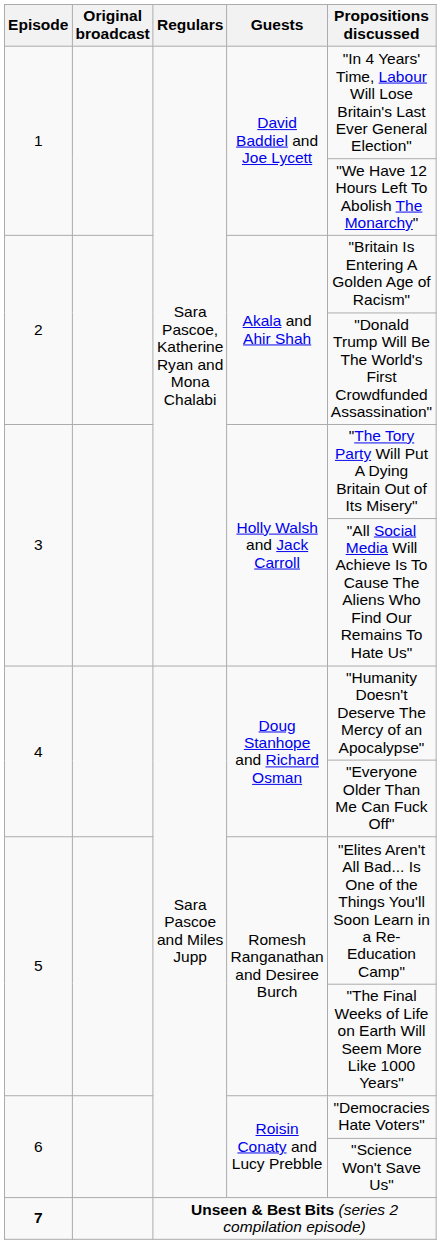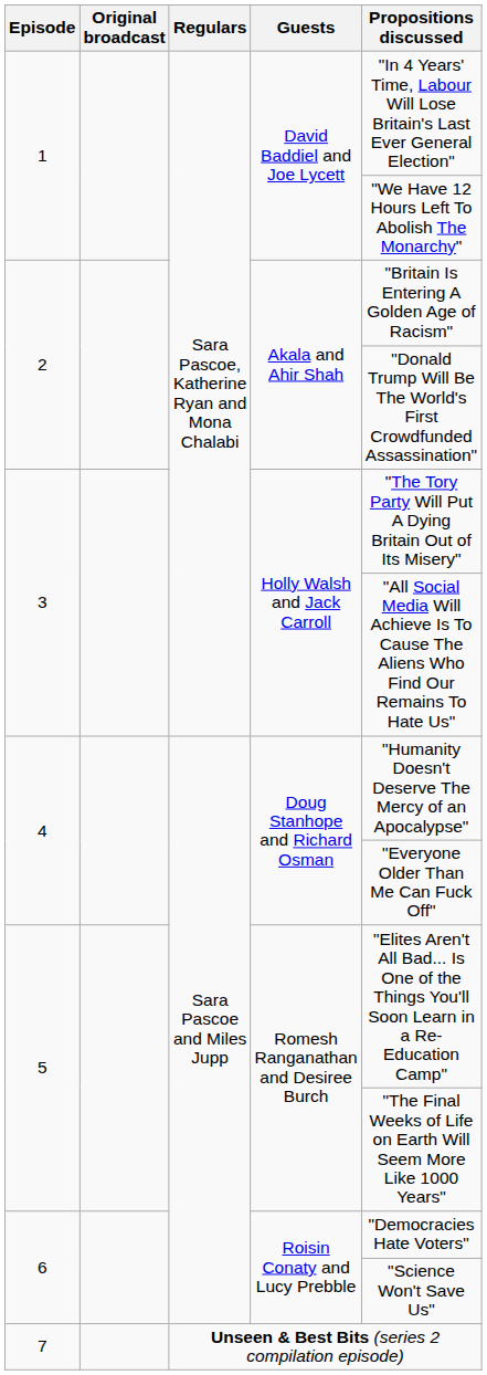 <table class="wikitable" style="text-align:center; width:70%;">
 <tr>
 <th>Episode</th>
 <th>Original broadcast</th>
 <th>Regulars</th>
 <th>Guests</th>
 <th>Propositions discussed</th>
 </tr>
 <tr>
 <td rowspan="2">1</td>
 <td rowspan="2"></td>
 <td rowspan="6">Sara Pascoe, Katherine Ryan and Mona Chalabi</td>
 <td rowspan="2"><a href='#'>David Baddiel</a> and <a href='#'>Joe Lycett</a></td>
 <td>"In 4 Years' Time, <a href='#'>Labour</a> Will Lose Britain's Last Ever General Election"</td>
 </tr>
 <tr>
 <td>"We Have 12 Hours Left To Abolish <a href='#'>The Monarchy</a>"</td>
 </tr>
 <tr>
 <td rowspan="2">2</td>
 <td rowspan="2"></td>
 <td rowspan="2"><a href='#'>Akala</a> and <a href='#'>Ahir Shah</a></td>
 <td>"Britain Is Entering A Golden Age of Racism"</td>
 </tr>
 <tr>
 <td>"Donald Trump Will Be The World's First Crowdfunded Assassination"</td>
 </tr>
 <tr>
 <td rowspan="2">3</td>
 <td rowspan="2"></td>
 <td rowspan="2"><a href='#'>Holly Walsh</a> and <a href='#'>Jack Carroll</a></td>
 <td>"<a href='#'>The Tory Party</a> Will Put A Dying Britain Out of Its Misery"</td>
 </tr>
 <tr>
 <td>"All <a href='#'>Social Media</a> Will Achieve Is To Cause The Aliens Who Find Our Remains To Hate Us"</td>
 </tr>
 <tr>
 <td rowspan="2">4</td>
 <td rowspan="2"></td>
 <td rowspan="6">Sara Pascoe and Miles Jupp</td>
 <td rowspan="2"><a href='#'>Doug Stanhope</a> and <a href='#'>Richard Osman</a></td>
 <td>"Humanity Doesn't Deserve The Mercy of an Apocalypse"</td>
 </tr>
 <tr>
 <td>"Everyone Older Than Me Can Fuck Off"</td>
 </tr>
 <tr>
 <td rowspan="2">5</td>
 <td rowspan="2"></td>
 <td rowspan="2">Romesh Ranganathan and Desiree Burch</td>
 <td>"Elites Aren't All Bad... Is One of the Things You'll Soon Learn in a Re-Education Camp"</td>
 </tr>
 <tr>
 <td>"The Final Weeks of Life on Earth Will Seem More Like 1000 Years"</td>
 </tr>
 <tr>
 <td rowspan="2">6</td>
 <td rowspan="2"></td>
 <td rowspan="2"><a href='#'>Roisin Conaty</a> and Lucy Prebble</td>
 <td>"Democracies Hate Voters"</td>
 </tr>
 <tr>
 <td>"Science Won't Save Us"</td>
 </tr>
 <tr>
-<td><strong>7</strong></td>
+<td>7</td>
 <td></td>
 <td colspan="3"><strong>Unseen & Best Bits</strong> <em>(series 2 compilation episode)</em></td>
 </tr>
 </table>
